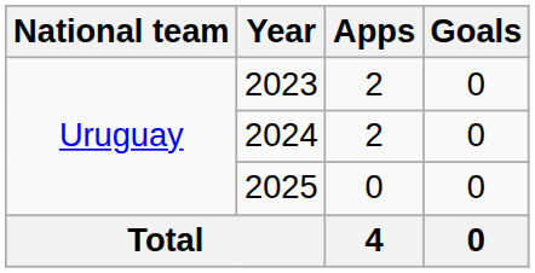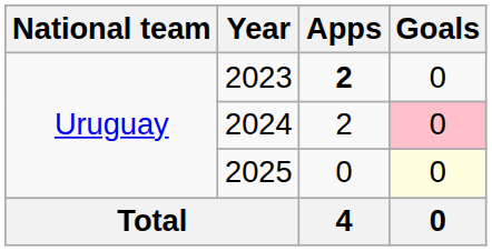 <table class="wikitable" style="text-align:center">
 <tr>
 <th>National team</th>
 <th>Year</th>
 <th>Apps</th>
 <th>Goals</th>
 </tr>
 <tr>
 <td rowspan=3><a href='#'>Uruguay</a></td>
 <td>2023</td>
-<td>2</td>
+<td><strong>2</strong></td>
 <td>0</td>
 </tr>
 <tr>
 <td>2024</td>
 <td>2</td>
-<td>0</td>
+<td style="background: pink;">0</td>
 </tr>
 <tr>
 <td>2025</td>
 <td>0</td>
-<td>0</td>
+<td style="background: lightyellow;">0</td>
 </tr>
 <tr>
 <th colspan=2>Total</th>
 <th>4</th>
 <th>0</th>
 </tr>
 </table>
